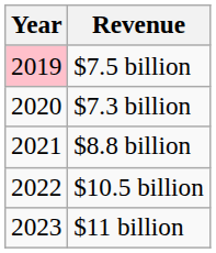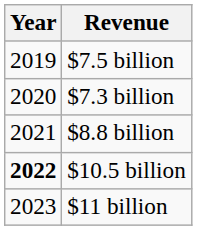 <table class="wikitable">
 <tr>
 <th>Year</th>
 <th>Revenue</th>
 </tr>
 <tr>
-<td style="background: pink;">2019</td>
+<td>2019</td>
 <td>$7.5 billion</td>
 </tr>
 <tr>
 <td>2020</td>
 <td>$7.3 billion</td>
 </tr>
 <tr>
 <td>2021</td>
 <td>$8.8 billion</td>
 </tr>
 <tr>
-<td>2022</td>
+<td><strong>2022</strong></td>
 <td>$10.5 billion</td>
 </tr>
 <tr>
 <td>2023</td>
 <td>$11 billion</td>
 </tr>
 </table>
